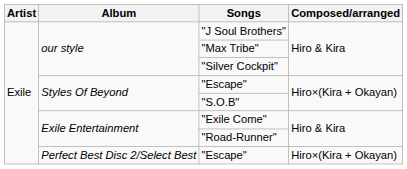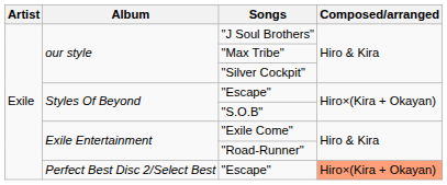 <table class="wikitable">
 <tr>
 <th>Artist</th>
 <th>Album</th>
 <th>Songs</th>
 <th>Composed/arranged</th>
 </tr>
 <tr>
 <td rowspan="8">Exile</td>
 <td rowspan="3"><em>our style</em></td>
 <td>"J Soul Brothers"</td>
 <td rowspan="3">Hiro & Kira</td>
 </tr>
 <tr>
 <td>"Max Tribe"</td>
 </tr>
 <tr>
 <td>"Silver Cockpit"</td>
 </tr>
 <tr>
 <td rowspan="2"><em>Styles Of Beyond</em></td>
 <td>"Escape"</td>
 <td rowspan="2">Hiro×(Kira + Okayan)</td>
 </tr>
 <tr>
 <td>"S.O.B"</td>
 </tr>
 <tr>
 <td rowspan="2"><em>Exile Entertainment</em></td>
 <td>"Exile Come"</td>
 <td rowspan="2">Hiro & Kira</td>
 </tr>
 <tr>
 <td>"Road-Runner"</td>
 </tr>
 <tr>
 <td><em>Perfect Best Disc 2/Select Best</em></td>
 <td>"Escape"</td>
-<td>Hiro×(Kira + Okayan)</td>
+<td style="background: lightsalmon;">Hiro×(Kira + Okayan)</td>
 </tr>
 </table>
